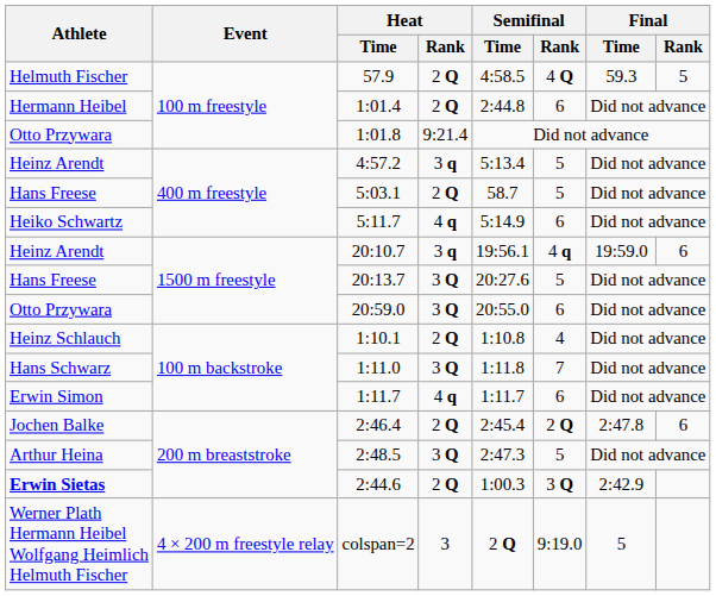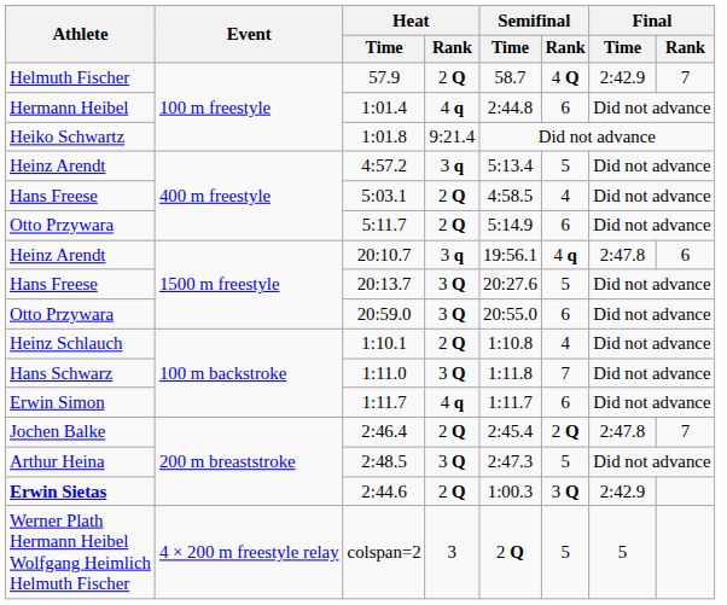 <table class=wikitable style="font-size:90%;">
 <tr>
 <th rowspan=2>Athlete</th>
 <th rowspan=2>Event</th>
 <th colspan=2>Heat</th>
 <th colspan=2>Semifinal</th>
 <th colspan=2>Final</th>
 </tr>
 <tr style="font-size:95%">
 <th>Time</th>
 <th>Rank</th>
 <th>Time</th>
 <th>Rank</th>
 <th>Time</th>
 <th>Rank</th>
 </tr>
 <tr align=center>
 <td align=left><a href='#'>Helmuth Fischer</a></td>
 <td rowspan=3 align=left><a href='#'>100 m freestyle</a></td>
 <td>57.9</td>
 <td>2 <strong>Q</strong></td>
-<td>4:58.5</td>
+<td>58.7</td>
 <td>4 <strong>Q</strong></td>
-<td>59.3</td>
-<td>5</td>
+<td>2:42.9</td>
+<td>7</td>
 </tr>
 <tr align=center>
 <td align=left><a href='#'>Hermann Heibel</a></td>
 <td>1:01.4</td>
-<td>2 <strong>Q</strong></td>
+<td>4 <strong>q</strong></td>
 <td>2:44.8</td>
 <td>6</td>
 <td colspan=2>Did not advance</td>
 </tr>
 <tr align=center>
-<td align=left><a href='#'>Otto Przywara</a></td>
+<td align=left><a href='#'>Heiko Schwartz</a></td>
 <td>1:01.8</td>
 <td>9:21.4</td>
 <td colspan=4>Did not advance</td>
 </tr>
 <tr align=center>
 <td align=left><a href='#'>Heinz Arendt</a></td>
 <td rowspan=3 align=left><a href='#'>400 m freestyle</a></td>
 <td>4:57.2</td>
 <td>3 <strong>q</strong></td>
 <td>5:13.4</td>
 <td>5</td>
 <td colspan=2>Did not advance</td>
 </tr>
 <tr align=center>
 <td align=left><a href='#'>Hans Freese</a></td>
 <td>5:03.1</td>
 <td>2 <strong>Q</strong></td>
-<td>58.7</td>
-<td>5</td>
+<td>4:58.5</td>
+<td>4</td>
 <td colspan=2>Did not advance</td>
 </tr>
 <tr align=center>
-<td align=left><a href='#'>Heiko Schwartz</a></td>
+<td align=left><a href='#'>Otto Przywara</a></td>
 <td>5:11.7</td>
-<td>4 <strong>q</strong></td>
+<td>2 <strong>Q</strong></td>
 <td>5:14.9</td>
 <td>6</td>
 <td colspan=2>Did not advance</td>
 </tr>
 <tr align=center>
 <td align=left><a href='#'>Heinz Arendt</a></td>
 <td rowspan=3 align=left><a href='#'>1500 m freestyle</a></td>
 <td>20:10.7</td>
 <td>3 <strong>q</strong></td>
 <td>19:56.1</td>
 <td>4 <strong>q</strong></td>
-<td>19:59.0</td>
+<td>2:47.8</td>
 <td>6</td>
 </tr>
 <tr align=center>
 <td align=left><a href='#'>Hans Freese</a></td>
 <td>20:13.7</td>
 <td>3 <strong>Q</strong></td>
 <td>20:27.6</td>
 <td>5</td>
 <td colspan=2>Did not advance</td>
 </tr>
 <tr align=center>
 <td align=left><a href='#'>Otto Przywara</a></td>
 <td>20:59.0</td>
 <td>3 <strong>Q</strong></td>
 <td>20:55.0</td>
 <td>6</td>
 <td colspan=2>Did not advance</td>
 </tr>
 <tr align=center>
 <td align=left><a href='#'>Heinz Schlauch</a></td>
 <td rowspan=3 align=left><a href='#'>100 m backstroke</a></td>
 <td>1:10.1</td>
 <td>2 <strong>Q</strong></td>
 <td>1:10.8</td>
 <td>4</td>
 <td colspan=2>Did not advance</td>
 </tr>
 <tr align=center>
 <td align=left><a href='#'>Hans Schwarz</a></td>
 <td>1:11.0</td>
 <td>3 <strong>Q</strong></td>
 <td>1:11.8</td>
 <td>7</td>
 <td colspan=2>Did not advance</td>
 </tr>
 <tr align=center>
 <td align=left><a href='#'>Erwin Simon</a></td>
 <td>1:11.7</td>
 <td>4 <strong>q</strong></td>
 <td>1:11.7</td>
 <td>6</td>
 <td colspan=2>Did not advance</td>
 </tr>
 <tr align=center>
 <td align=left><a href='#'>Jochen Balke</a></td>
 <td rowspan=3 align=left><a href='#'>200 m breaststroke</a></td>
 <td>2:46.4</td>
 <td>2 <strong>Q</strong></td>
 <td>2:45.4</td>
 <td>2 <strong>Q</strong></td>
 <td>2:47.8</td>
-<td>6</td>
+<td>7</td>
 </tr>
 <tr align=center>
 <td align=left><a href='#'>Arthur Heina</a></td>
 <td>2:48.5</td>
 <td>3 <strong>Q</strong></td>
 <td>2:47.3</td>
 <td>5</td>
 <td colspan=2>Did not advance</td>
 </tr>
 <tr align=center>
 <td align=left><strong><a href='#'>Erwin Sietas</a></strong></td>
 <td>2:44.6</td>
 <td>2 <strong>Q</strong></td>
 <td>1:00.3</td>
 <td>3 <strong>Q</strong></td>
 <td>2:42.9</td>
 <td></td>
 </tr>
 <tr align=center>
 <td align=left><a href='#'>Werner Plath</a><br><a href='#'>Hermann Heibel</a><br><a href='#'>Wolfgang Heimlich</a><br><a href='#'>Helmuth Fischer</a></td>
 <td align=left><a href='#'>4 × 200 m freestyle relay</a></td>
 <td>colspan=2 </td>
 <td>3</td>
 <td>2 <strong>Q</strong></td>
-<td>9:19.0</td>
+<td>5</td>
 <td>5</td>
 </tr>
 </table>
